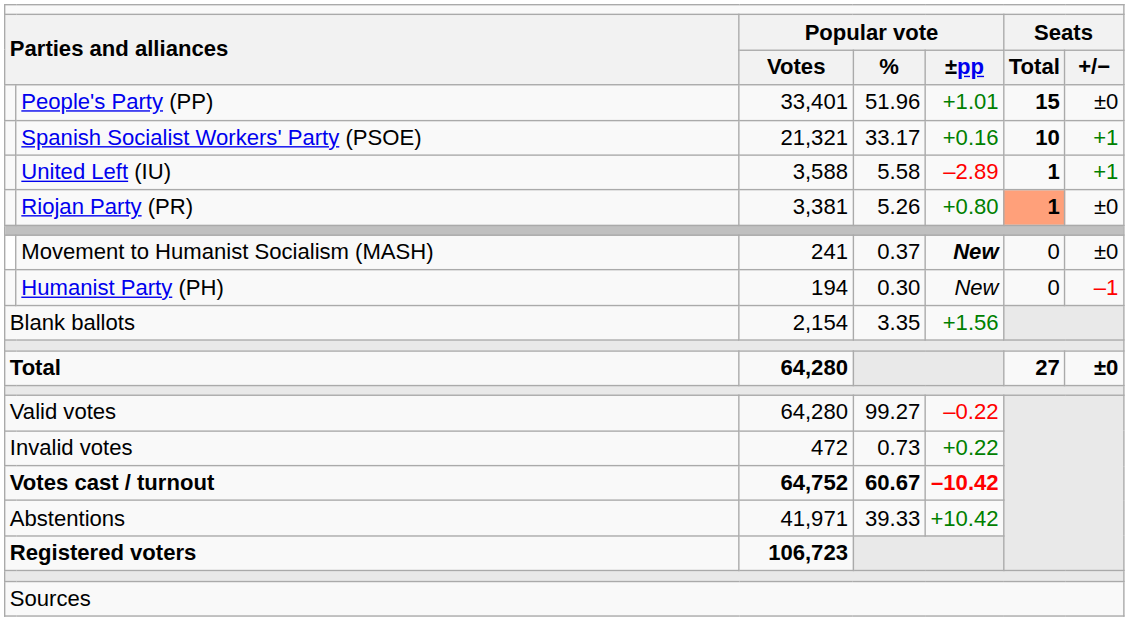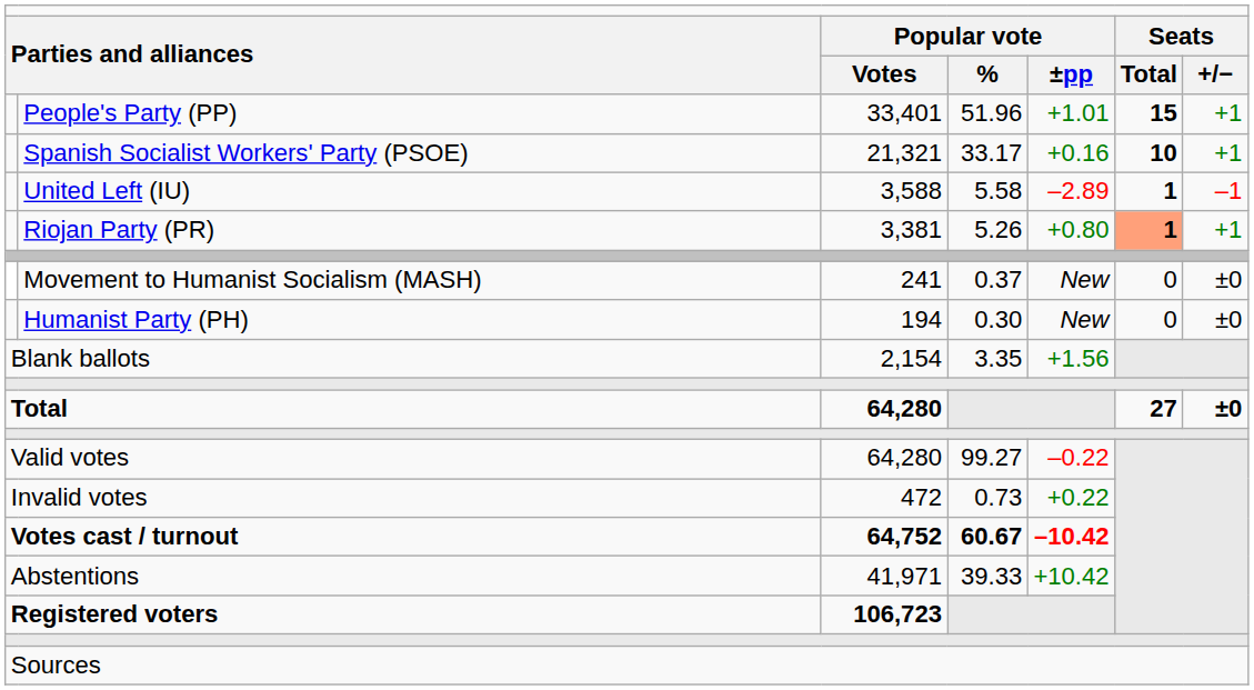 <table class="wikitable" style="text-align:right;">
 <tr>
 <td colspan="7"></td>
 </tr>
 <tr>
 <th style="text-align:left;" rowspan="2" colspan="2" width="525">Parties and alliances</th>
 <th colspan="3">Popular vote</th>
 <th colspan="2">Seats</th>
 </tr>
 <tr>
 <th width="75">Votes</th>
 <th width="45">%</th>
 <th width="45">±<a href='#'>pp</a></th>
 <th width="35">Total</th>
 <th width="35">+/−</th>
 </tr>
 <tr>
 <td width="1" style="color:inherit;background:"></td>
 <td align="left"><a href='#'>People's Party</a> (PP)</td>
 <td>33,401</td>
 <td>51.96</td>
 <td style="color:green;">+1.01</td>
 <td><strong>15</strong></td>
-<td>±0</td>
+<td style="color:green;">+1</td>
 </tr>
 <tr>
 <td style="color:inherit;background:"></td>
 <td align="left"><a href='#'>Spanish Socialist Workers' Party</a> (PSOE)</td>
 <td>21,321</td>
 <td>33.17</td>
 <td style="color:green;">+0.16</td>
 <td><strong>10</strong></td>
 <td style="color:green;">+1</td>
 </tr>
 <tr>
 <td style="color:inherit;background:"></td>
 <td align="left"><a href='#'>United Left</a> (IU)</td>
 <td>3,588</td>
 <td>5.58</td>
 <td style="color:red;">–2.89</td>
 <td><strong>1</strong></td>
-<td style="color:green;">+1</td>
+<td style="color:red;">–1</td>
 </tr>
 <tr>
 <td style="color:inherit;background:"></td>
 <td align="left"><a href='#'>Riojan Party</a> (PR)</td>
 <td>3,381</td>
 <td>5.26</td>
 <td style="color:green;">+0.80</td>
 <td style="background: lightsalmon;"><strong>1</strong></td>
-<td>±0</td>
+<td style="color:green;">+1</td>
 </tr>
 <tr>
 <td colspan="7" bgcolor="#C0C0C0"></td>
 </tr>
 <tr>
 <td bgcolor="white"></td>
 <td align="left">Movement to Humanist Socialism (MASH)</td>
 <td>241</td>
 <td>0.37</td>
-<td><strong><em>New</em></strong></td>
+<td><em>New</em></td>
 <td>0</td>
 <td>±0</td>
 </tr>
 <tr>
 <td style="color:inherit;background:"></td>
 <td align="left"><a href='#'>Humanist Party</a> (PH)</td>
 <td>194</td>
 <td>0.30</td>
 <td><em>New</em></td>
 <td>0</td>
-<td style="color:red;">–1</td>
+<td>±0</td>
 </tr>
 <tr>
 <td align="left" colspan="2">Blank ballots</td>
 <td>2,154</td>
 <td>3.35</td>
 <td style="color:green;">+1.56</td>
 <td bgcolor="#E9E9E9" colspan="2"></td>
 </tr>
 <tr>
 <td colspan="7" bgcolor="#E9E9E9"></td>
 </tr>
 <tr style="font-weight:bold;">
 <td align="left" colspan="2">Total</td>
 <td>64,280</td>
 <td bgcolor="#E9E9E9" colspan="2"></td>
 <td>27</td>
 <td>±0</td>
 </tr>
 <tr>
 <td colspan="7" bgcolor="#E9E9E9"></td>
 </tr>
 <tr>
 <td align="left" colspan="2">Valid votes</td>
 <td>64,280</td>
 <td>99.27</td>
 <td style="color:red;">–0.22</td>
 <td bgcolor="#E9E9E9" colspan="2" rowspan="5"></td>
 </tr>
 <tr>
 <td align="left" colspan="2">Invalid votes</td>
 <td>472</td>
 <td>0.73</td>
 <td style="color:green;">+0.22</td>
 </tr>
 <tr style="font-weight:bold;">
 <td align="left" colspan="2">Votes cast / turnout</td>
 <td>64,752</td>
 <td>60.67</td>
 <td style="color:red;">–10.42</td>
 </tr>
 <tr>
 <td align="left" colspan="2">Abstentions</td>
 <td>41,971</td>
 <td>39.33</td>
 <td style="color:green;">+10.42</td>
 </tr>
 <tr style="font-weight:bold;">
 <td align="left" colspan="2">Registered voters</td>
 <td>106,723</td>
 <td bgcolor="#E9E9E9" colspan="2"></td>
 </tr>
 <tr>
 <td colspan="7" bgcolor="#E9E9E9"></td>
 </tr>
 <tr>
 <td align="left" colspan="7">Sources</td>
 </tr>
 </table>
